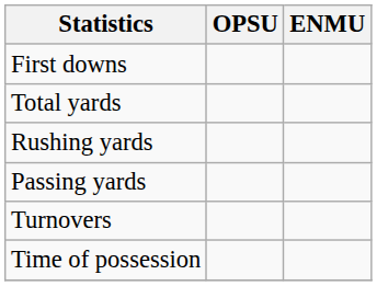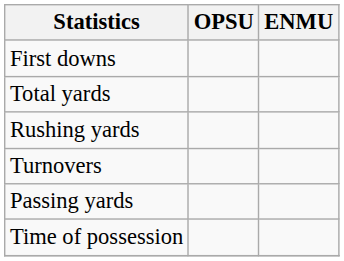 <table class="wikitable">
 <tr>
 <th>Statistics</th>
 <th>OPSU</th>
 <th>ENMU</th>
 </tr>
 <tr>
 <td>First downs</td>
 <td></td>
 <td></td>
 </tr>
 <tr>
 <td>Total yards</td>
 <td></td>
 <td></td>
 </tr>
 <tr>
 <td>Rushing yards</td>
 <td></td>
 <td></td>
 </tr>
 <tr>
-<td>Passing yards</td>
+<td>Turnovers</td>
 <td></td>
 <td></td>
 </tr>
 <tr>
-<td>Turnovers</td>
+<td>Passing yards</td>
 <td></td>
 <td></td>
 </tr>
 <tr>
 <td>Time of possession</td>
 <td></td>
 <td></td>
 </tr>
 <tr>
 </tr>
 </table>
